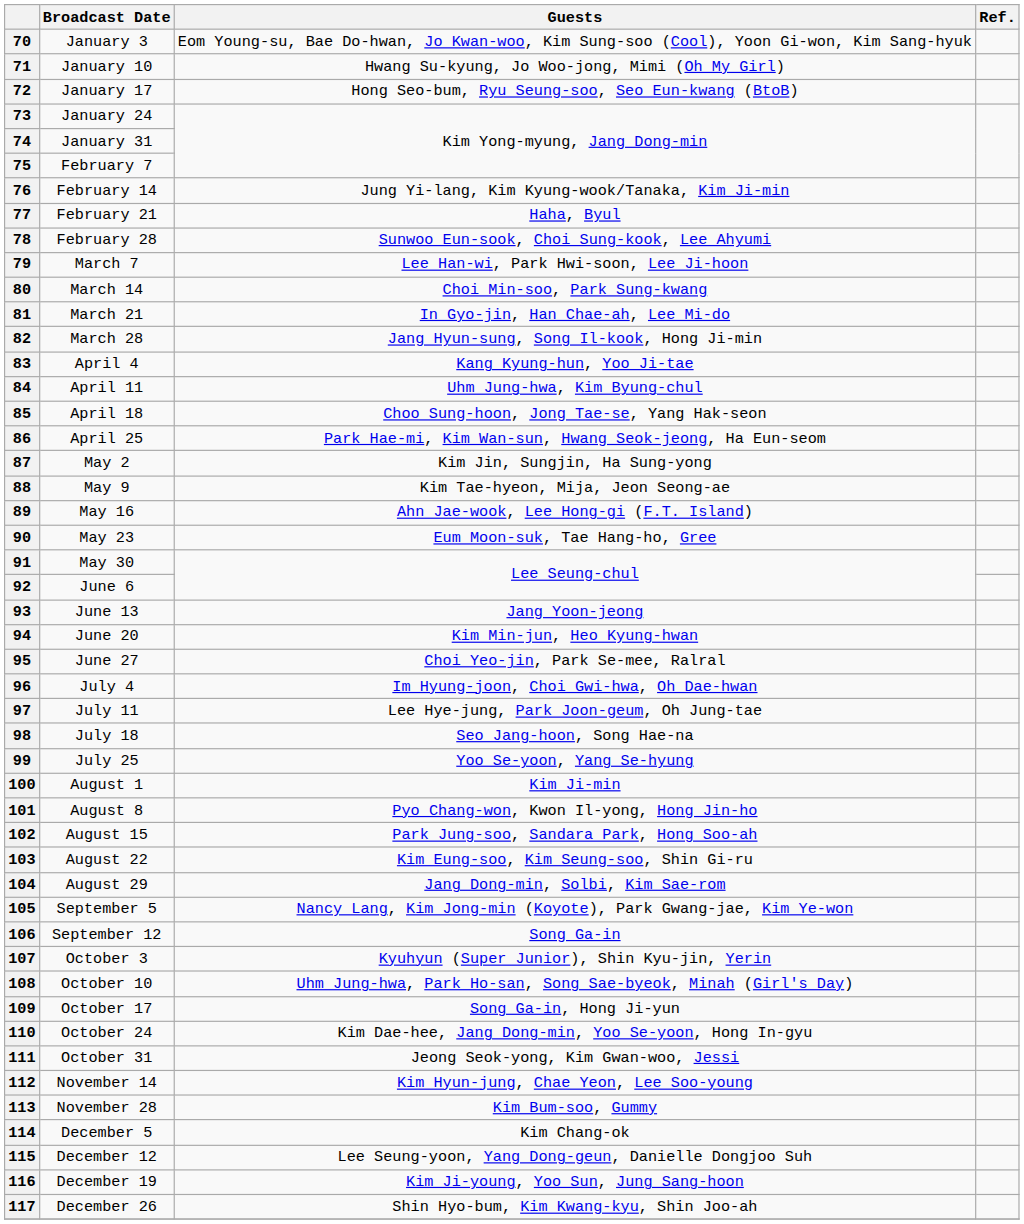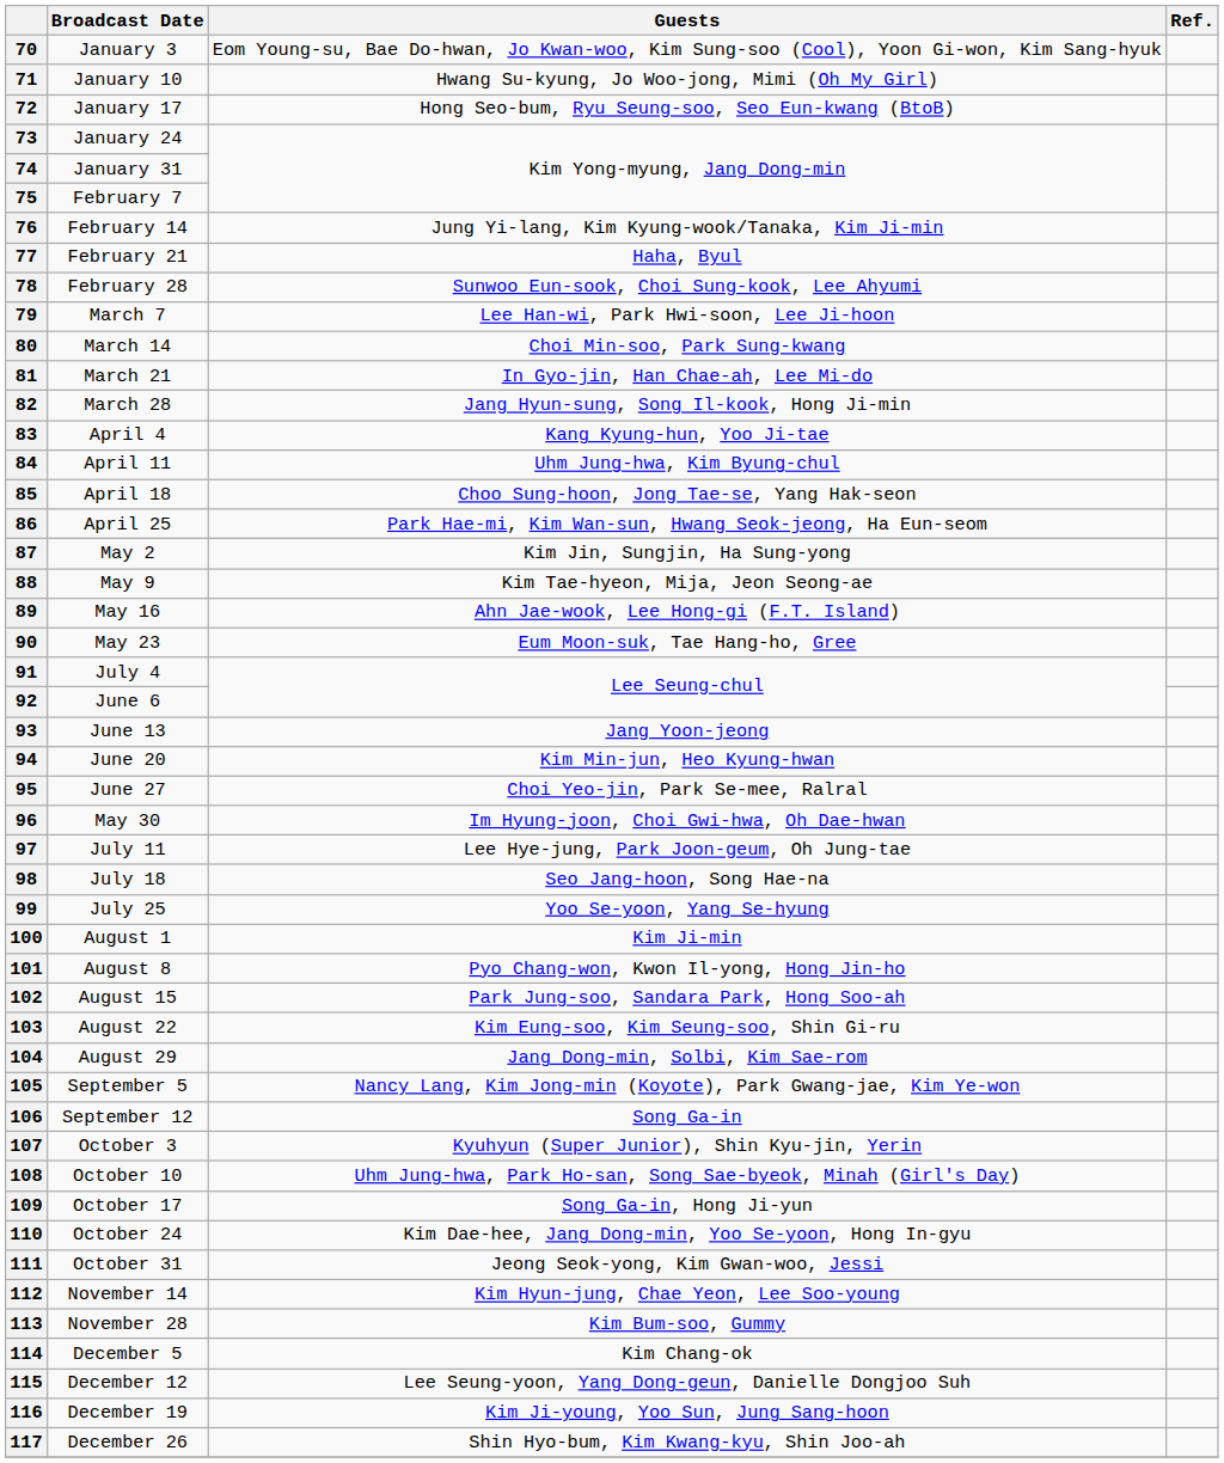 <table Class ="wikitable" style="text-align:center;">
 <tr>
 <th></th>
 <th>Broadcast Date</th>
 <th>Guests</th>
 <th>Ref.</th>
 </tr>
 <tr>
 <th>70</th>
 <td>January 3</td>
 <td>Eom Young-su, Bae Do-hwan, <a href='#'>Jo Kwan-woo</a>, Kim Sung-soo (<a href='#'>Cool</a>), Yoon Gi-won, Kim Sang-hyuk</td>
 <td></td>
 </tr>
 <tr>
 <th>71</th>
 <td>January 10</td>
 <td>Hwang Su-kyung, Jo Woo-jong, Mimi (<a href='#'>Oh My Girl</a>)</td>
 <td></td>
 </tr>
 <tr>
 <th>72</th>
 <td>January 17</td>
 <td>Hong Seo-bum, <a href='#'>Ryu Seung-soo</a>, <a href='#'>Seo Eun-kwang</a> (<a href='#'>BtoB</a>)</td>
 <td></td>
 </tr>
 <tr>
 <th>73</th>
 <td>January 24</td>
 <td rowspan="3">Kim Yong-myung, <a href='#'>Jang Dong-min</a></td>
 <td rowspan="3"></td>
 </tr>
 <tr>
 <th>74</th>
 <td>January 31</td>
 </tr>
 <tr>
 <th>75</th>
 <td>February 7</td>
 </tr>
 <tr>
 <th>76</th>
 <td>February 14</td>
 <td>Jung Yi-lang, Kim Kyung-wook/Tanaka, <a href='#'>Kim Ji-min</a></td>
 <td></td>
 </tr>
 <tr>
 <th>77</th>
 <td>February 21</td>
 <td><a href='#'>Haha</a>, <a href='#'>Byul</a></td>
 <td></td>
 </tr>
 <tr>
 <th>78</th>
 <td>February 28</td>
 <td><a href='#'>Sunwoo Eun-sook</a>, <a href='#'>Choi Sung-kook</a>, <a href='#'>Lee Ahyumi</a></td>
 <td></td>
 </tr>
 <tr>
 <th>79</th>
 <td>March 7</td>
 <td><a href='#'>Lee Han-wi</a>, Park Hwi-soon, <a href='#'>Lee Ji-hoon</a></td>
 <td></td>
 </tr>
 <tr>
 <th>80</th>
 <td>March 14</td>
 <td><a href='#'>Choi Min-soo</a>, <a href='#'>Park Sung-kwang</a></td>
 <td></td>
 </tr>
 <tr>
 <th>81</th>
 <td>March 21</td>
 <td><a href='#'>In Gyo-jin</a>, <a href='#'>Han Chae-ah</a>, <a href='#'>Lee Mi-do</a></td>
 <td></td>
 </tr>
 <tr>
 <th>82</th>
 <td>March 28</td>
 <td><a href='#'>Jang Hyun-sung</a>, <a href='#'>Song Il-kook</a>, Hong Ji-min</td>
 <td></td>
 </tr>
 <tr>
 <th>83</th>
 <td>April 4</td>
 <td><a href='#'>Kang Kyung-hun</a>, <a href='#'>Yoo Ji-tae</a></td>
 <td></td>
 </tr>
 <tr>
 <th>84</th>
 <td>April 11</td>
 <td><a href='#'>Uhm Jung-hwa</a>, <a href='#'>Kim Byung-chul</a></td>
 <td></td>
 </tr>
 <tr>
 <th>85</th>
 <td>April 18</td>
 <td><a href='#'>Choo Sung-hoon</a>, <a href='#'>Jong Tae-se</a>, Yang Hak-seon</td>
 <td></td>
 </tr>
 <tr>
 <th>86</th>
 <td>April 25</td>
 <td><a href='#'>Park Hae-mi</a>, <a href='#'>Kim Wan-sun</a>, <a href='#'>Hwang Seok-jeong</a>, Ha Eun-seom</td>
 <td></td>
 </tr>
 <tr>
 <th>87</th>
 <td>May 2</td>
 <td>Kim Jin, Sungjin, Ha Sung-yong</td>
 <td></td>
 </tr>
 <tr>
 <th>88</th>
 <td>May 9</td>
 <td>Kim Tae-hyeon, Mija, Jeon Seong-ae</td>
 <td></td>
 </tr>
 <tr>
 <th>89</th>
 <td>May 16</td>
 <td><a href='#'>Ahn Jae-wook</a>, <a href='#'>Lee Hong-gi</a> (<a href='#'>F.T. Island</a>)</td>
 <td></td>
 </tr>
 <tr>
 <th>90</th>
 <td>May 23</td>
 <td><a href='#'>Eum Moon-suk</a>, Tae Hang-ho, <a href='#'>Gree</a></td>
 <td></td>
 </tr>
 <tr>
 <th>91</th>
-<td>May 30</td>
+<td>July 4</td>
 <td rowspan="2"><a href='#'>Lee Seung-chul</a></td>
 <td></td>
 </tr>
 <tr>
 <th>92</th>
 <td>June 6</td>
 <td></td>
 </tr>
 <tr>
 <th>93</th>
 <td>June 13</td>
 <td><a href='#'>Jang Yoon-jeong</a></td>
 <td></td>
 </tr>
 <tr>
 <th>94</th>
 <td>June 20</td>
 <td><a href='#'>Kim Min-jun</a>, <a href='#'>Heo Kyung-hwan</a></td>
 <td></td>
 </tr>
 <tr>
 <th>95</th>
 <td>June 27</td>
 <td><a href='#'>Choi Yeo-jin</a>, Park Se-mee, Ralral</td>
 <td></td>
 </tr>
 <tr>
 <th>96</th>
-<td>July 4</td>
+<td>May 30</td>
 <td><a href='#'>Im Hyung-joon</a>, <a href='#'>Choi Gwi-hwa</a>, <a href='#'>Oh Dae-hwan</a></td>
 <td></td>
 </tr>
 <tr>
 <th>97</th>
 <td>July 11</td>
 <td>Lee Hye-jung, <a href='#'>Park Joon-geum</a>, Oh Jung-tae</td>
 <td></td>
 </tr>
 <tr>
 <th>98</th>
 <td>July 18</td>
 <td><a href='#'>Seo Jang-hoon</a>, Song Hae-na</td>
 <td></td>
 </tr>
 <tr>
 <th>99</th>
 <td>July 25</td>
 <td><a href='#'>Yoo Se-yoon</a>, <a href='#'>Yang Se-hyung</a></td>
 <td></td>
 </tr>
 <tr>
 <th>100</th>
 <td>August 1</td>
 <td><a href='#'>Kim Ji-min</a></td>
 <td></td>
 </tr>
 <tr>
 <th>101</th>
 <td>August 8</td>
 <td><a href='#'>Pyo Chang-won</a>, Kwon Il-yong, <a href='#'>Hong Jin-ho</a></td>
 <td></td>
 </tr>
 <tr>
 <th>102</th>
 <td>August 15</td>
 <td><a href='#'>Park Jung-soo</a>, <a href='#'>Sandara Park</a>, <a href='#'>Hong Soo-ah</a></td>
 <td></td>
 </tr>
 <tr>
 <th>103</th>
 <td>August 22</td>
 <td><a href='#'>Kim Eung-soo</a>, <a href='#'>Kim Seung-soo</a>, Shin Gi-ru</td>
 <td></td>
 </tr>
 <tr>
 <th>104</th>
 <td>August 29</td>
 <td><a href='#'>Jang Dong-min</a>, <a href='#'>Solbi</a>, <a href='#'>Kim Sae-rom</a></td>
 <td></td>
 </tr>
 <tr>
 <th>105</th>
 <td>September 5</td>
 <td><a href='#'>Nancy Lang</a>, <a href='#'>Kim Jong-min</a> (<a href='#'>Koyote</a>), Park Gwang-jae, <a href='#'>Kim Ye-won</a></td>
 <td></td>
 </tr>
 <tr>
 <th>106</th>
 <td>September 12</td>
 <td><a href='#'>Song Ga-in</a></td>
 <td></td>
 </tr>
 <tr>
 <th>107</th>
 <td>October 3</td>
 <td><a href='#'>Kyuhyun</a> (<a href='#'>Super Junior</a>), Shin Kyu-jin, <a href='#'>Yerin</a></td>
 <td></td>
 </tr>
 <tr>
 <th>108</th>
 <td>October 10</td>
 <td><a href='#'>Uhm Jung-hwa</a>, <a href='#'>Park Ho-san</a>, <a href='#'>Song Sae-byeok</a>, <a href='#'>Minah</a> (<a href='#'>Girl's Day</a>)</td>
 <td></td>
 </tr>
 <tr>
 <th>109</th>
 <td>October 17</td>
 <td><a href='#'>Song Ga-in</a>, Hong Ji-yun</td>
 <td></td>
 </tr>
 <tr>
 <th>110</th>
 <td>October 24</td>
 <td>Kim Dae-hee, <a href='#'>Jang Dong-min</a>, <a href='#'>Yoo Se-yoon</a>, Hong In-gyu</td>
 <td></td>
 </tr>
 <tr>
 <th>111</th>
 <td>October 31</td>
 <td>Jeong Seok-yong, Kim Gwan-woo, <a href='#'>Jessi</a></td>
 <td></td>
 </tr>
 <tr>
 <th>112</th>
 <td>November 14</td>
 <td><a href='#'>Kim Hyun-jung</a>, <a href='#'>Chae Yeon</a>, <a href='#'>Lee Soo-young</a></td>
 <td></td>
 </tr>
 <tr>
 <th>113</th>
 <td>November 28</td>
 <td><a href='#'>Kim Bum-soo</a>, <a href='#'>Gummy</a></td>
 <td></td>
 </tr>
 <tr>
 <th>114</th>
 <td>December 5</td>
 <td>Kim Chang-ok</td>
 <td></td>
 </tr>
 <tr>
 <th>115</th>
 <td>December 12</td>
 <td>Lee Seung-yoon, <a href='#'>Yang Dong-geun</a>, Danielle Dongjoo Suh</td>
 <td></td>
 </tr>
 <tr>
 <th>116</th>
 <td>December 19</td>
 <td><a href='#'>Kim Ji-young</a>, <a href='#'>Yoo Sun</a>, <a href='#'>Jung Sang-hoon</a></td>
 <td></td>
 </tr>
 <tr>
 <th>117</th>
 <td>December 26</td>
 <td>Shin Hyo-bum, <a href='#'>Kim Kwang-kyu</a>, Shin Joo-ah</td>
 <td></td>
 </tr>
 <tr>
 </tr>
 </table>
